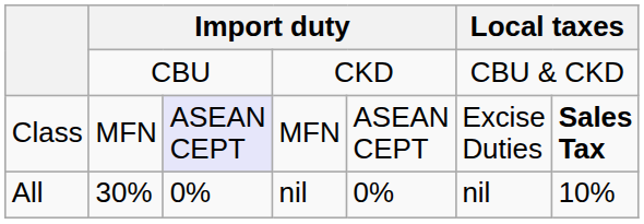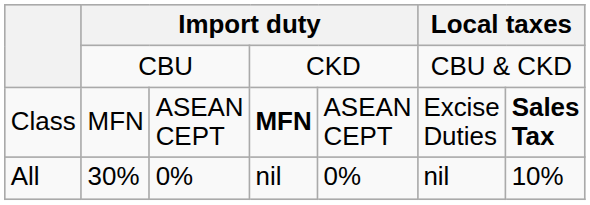 <table class="wikitable">
 <tr>
 <th rowspan="2"></th>
 <th align="center" colspan="4">Import duty</th>
 <th align="center"  colspan="2">Local taxes</th>
 </tr>
 <tr>
 <td align="center"  colspan="2">CBU</td>
 <td align="center"  colspan="2">CKD</td>
 <td align="center"  colspan="2">CBU & CKD</td>
 </tr>
 <tr>
 <td>Class</td>
 <td>MFN</td>
-<td style="background: lavender;">ASEAN <br> CEPT</td>
-<td>MFN</td>
+<td>ASEAN <br> CEPT</td>
+<td><strong>MFN</strong></td>
 <td>ASEAN <br> CEPT</td>
 <td>Excise <br> Duties</td>
 <td><strong>Sales <br> Tax</strong></td>
 </tr>
 <tr>
 <td>All</td>
 <td>30%</td>
 <td>0%</td>
 <td>nil</td>
 <td>0%</td>
 <td>nil</td>
 <td>10%</td>
 </tr>
 </table>
